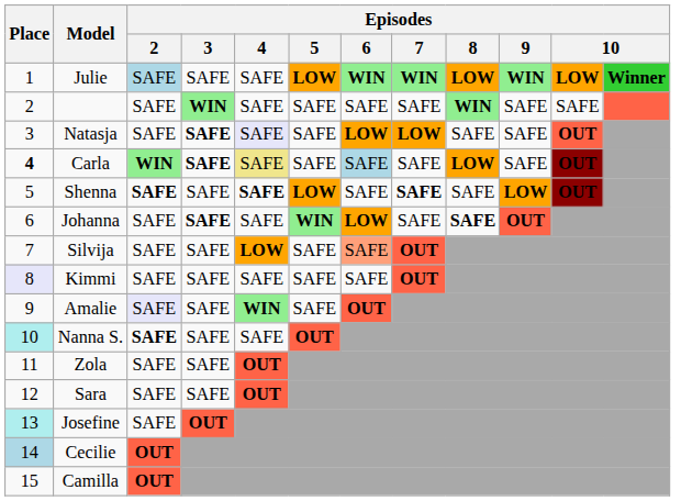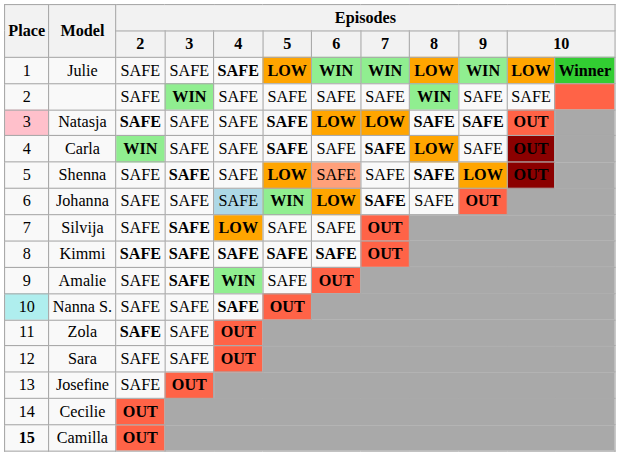 <table class="wikitable" style="text-align:center; font-size:92%">
 <tr>
 <th rowspan="2">Place</th>
 <th rowspan="2">Model</th>
 <th colspan="10">Episodes</th>
 </tr>
 <tr>
 <th>2</th>
 <th>3</th>
 <th>4</th>
 <th>5</th>
 <th>6</th>
 <th>7</th>
 <th>8</th>
 <th>9</th>
 <th colspan="2">10</th>
 </tr>
 <tr>
 <td>1</td>
 <td>Julie</td>
-<td style="background: lightblue;">SAFE</td>
 <td>SAFE</td>
 <td>SAFE</td>
+<td><strong>SAFE</strong></td>
 <td style="background:orange;"><strong>LOW</strong></td>
 <td style="background:lightgreen;"><strong>WIN</strong></td>
 <td style="background:lightgreen;"><strong>WIN</strong></td>
 <td style="background:orange;"><strong>LOW</strong></td>
 <td style="background:lightgreen;"><strong>WIN</strong></td>
 <td style="background:orange;"><strong>LOW</strong></td>
 <td style="background:limegreen;"><strong>Winner</strong></td>
 </tr>
 <tr>
 <td>2</td>
 <td></td>
 <td>SAFE</td>
 <td style="background:lightgreen;"><strong>WIN</strong></td>
 <td>SAFE</td>
 <td>SAFE</td>
 <td>SAFE</td>
 <td>SAFE</td>
 <td style="background:lightgreen;"><strong>WIN</strong></td>
 <td>SAFE</td>
 <td>SAFE</td>
 <td style="background:tomato;"><strong></strong></td>
 </tr>
 <tr>
-<td>3</td>
+<td style="background: pink;">3</td>
 <td>Natasja</td>
+<td><strong>SAFE</strong></td>
+<td>SAFE</td>
 <td>SAFE</td>
 <td><strong>SAFE</strong></td>
-<td style="background: lavender;">SAFE</td>
-<td>SAFE</td>
 <td style="background:orange;"><strong>LOW</strong></td>
 <td style="background:orange;"><strong>LOW</strong></td>
-<td>SAFE</td>
-<td>SAFE</td>
+<td><strong>SAFE</strong></td>
+<td><strong>SAFE</strong></td>
 <td style="background:tomato;"><strong>OUT</strong></td>
 <td style="background:darkgrey;" colspan="12"></td>
 </tr>
 <tr>
-<td><strong>4</strong></td>
+<td>4</td>
 <td>Carla</td>
 <td style="background:lightgreen;"><strong>WIN</strong></td>
+<td>SAFE</td>
+<td>SAFE</td>
 <td><strong>SAFE</strong></td>
-<td style="background: khaki;">SAFE</td>
 <td>SAFE</td>
-<td style="background: lightblue;">SAFE</td>
-<td>SAFE</td>
+<td><strong>SAFE</strong></td>
 <td style="background:orange;"><strong>LOW</strong></td>
 <td>SAFE</td>
 <td style="background:darkred;"><span><strong>OUT</strong></span></td>
 <td style="background:darkgrey;" colspan="12"></td>
 </tr>
 <tr>
 <td>5</td>
 <td>Shenna</td>
-<td><strong>SAFE</strong></td>
-<td>SAFE</td>
-<td><strong>SAFE</strong></td>
-<td style="background:orange;"><strong>LOW</strong></td>
 <td>SAFE</td>
 <td><strong>SAFE</strong></td>
 <td>SAFE</td>
+<td style="background:orange;"><strong>LOW</strong></td>
+<td style="background: lightsalmon;">SAFE</td>
+<td>SAFE</td>
+<td><strong>SAFE</strong></td>
 <td style="background:orange;"><strong>LOW</strong></td>
 <td style="background:darkred;"><span><strong>OUT</strong></span></td>
 <td style="background:darkgrey;" colspan="12"></td>
 </tr>
 <tr>
 <td>6</td>
 <td>Johanna</td>
 <td>SAFE</td>
+<td>SAFE</td>
+<td style="background: lightblue;">SAFE</td>
+<td style="background:lightgreen;"><strong>WIN</strong></td>
+<td style="background:orange;"><strong>LOW</strong></td>
 <td><strong>SAFE</strong></td>
 <td>SAFE</td>
-<td style="background:lightgreen;"><strong>WIN</strong></td>
-<td style="background:orange;"><strong>LOW</strong></td>
-<td>SAFE</td>
-<td><strong>SAFE</strong></td>
 <td style="background:tomato;"><strong>OUT</strong></td>
 <td style="background:darkgrey;" colspan="12"></td>
 </tr>
 <tr>
 <td>7</td>
 <td>Silvija</td>
 <td>SAFE</td>
-<td>SAFE</td>
+<td><strong>SAFE</strong></td>
 <td style="background:orange;"><strong>LOW</strong></td>
-<td>SAFE</td>
-<td style="background: lightsalmon;">SAFE</td>
-<td style="background:tomato;"><strong>OUT</strong></td>
-<td style="background:darkgrey;" colspan="12"></td>
-</tr>
-<tr>
-<td style="background: lavender;">8</td>
-<td>Kimmi</td>
-<td>SAFE</td>
-<td>SAFE</td>
-<td>SAFE</td>
 <td>SAFE</td>
 <td>SAFE</td>
 <td style="background:tomato;"><strong>OUT</strong></td>
 <td style="background:darkgrey;" colspan="12"></td>
 </tr>
 <tr>
+<td>8</td>
+<td>Kimmi</td>
+<td><strong>SAFE</strong></td>
+<td><strong>SAFE</strong></td>
+<td><strong>SAFE</strong></td>
+<td><strong>SAFE</strong></td>
+<td><strong>SAFE</strong></td>
+<td style="background:tomato;"><strong>OUT</strong></td>
+<td style="background:darkgrey;" colspan="12"></td>
+</tr>
+<tr>
 <td>9</td>
 <td>Amalie</td>
-<td style="background: lavender;">SAFE</td>
 <td>SAFE</td>
+<td><strong>SAFE</strong></td>
 <td style="background:lightgreen;"><strong>WIN</strong></td>
 <td>SAFE</td>
 <td style="background:tomato;"><strong>OUT</strong></td>
 <td style="background:darkgrey;" colspan="12"></td>
 </tr>
 <tr>
 <td style="background: paleturquoise;">10</td>
 <td>Nanna S.</td>
-<td><strong>SAFE</strong></td>
 <td>SAFE</td>
 <td>SAFE</td>
+<td><strong>SAFE</strong></td>
 <td style="background:tomato;"><strong>OUT</strong></td>
 <td style="background:darkgrey;" colspan="12"></td>
 </tr>
 <tr>
 <td>11</td>
 <td>Zola</td>
-<td>SAFE</td>
+<td><strong>SAFE</strong></td>
 <td>SAFE</td>
 <td style="background:tomato;"><strong>OUT</strong></td>
 <td style="background:darkgrey;" colspan="12"></td>
 </tr>
 <tr>
 <td>12</td>
 <td>Sara</td>
 <td>SAFE</td>
 <td>SAFE</td>
 <td style="background:tomato;"><strong>OUT</strong></td>
 <td style="background:darkgrey;" colspan="12"></td>
 </tr>
 <tr>
-<td style="background: paleturquoise;">13</td>
+<td>13</td>
 <td>Josefine</td>
 <td>SAFE</td>
 <td style="background:tomato;"><strong>OUT</strong></td>
 <td style="background:darkgrey;" colspan="12"></td>
 </tr>
 <tr>
-<td style="background: lightblue;">14</td>
+<td>14</td>
 <td>Cecilie</td>
 <td style="background:tomato;"><strong>OUT</strong></td>
 <td style="background:darkgrey;" colspan="12"></td>
 </tr>
 <tr>
-<td>15</td>
+<td><strong>15</strong></td>
 <td>Camilla</td>
 <td style="background:tomato;"><strong>OUT</strong></td>
 <td style="background:darkgrey;" colspan="12"></td>
 </tr>
 </table>
